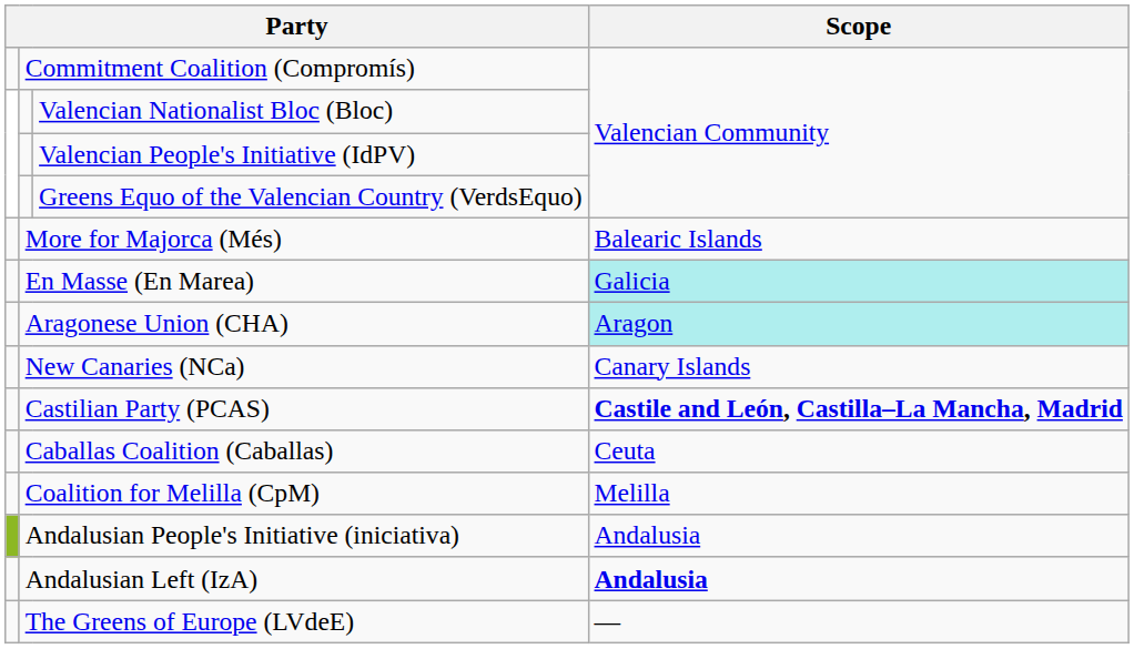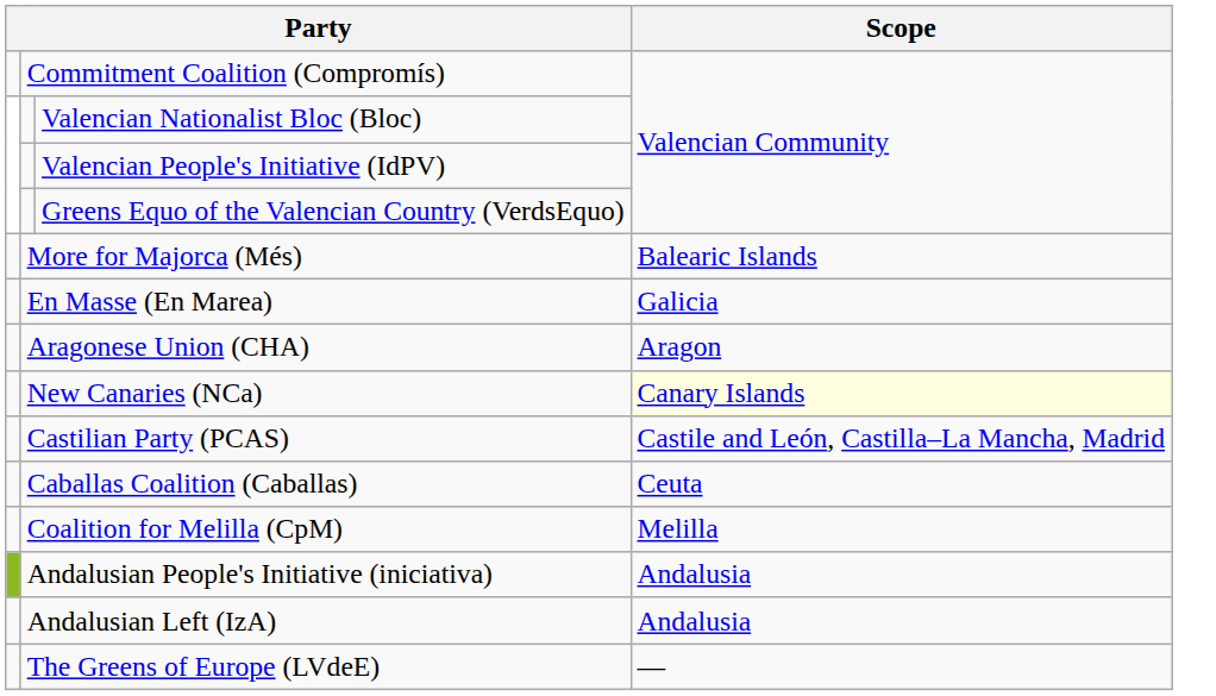 <table class="wikitable" style="text-align:left; font-size:97%;">
 <tr>
 <th colspan="3">Party</th>
 <th>Scope</th>
 </tr>
 <tr>
 <td width="1"></td>
 <td colspan="2"><a href='#'>Commitment Coalition</a> (Compromís)</td>
 <td rowspan="4"><a href='#'>Valencian Community</a></td>
 </tr>
 <tr>
 <td rowspan="3" bgcolor="white"></td>
 <td width="1"></td>
 <td><a href='#'>Valencian Nationalist Bloc</a> (Bloc)</td>
 </tr>
 <tr>
 <td></td>
 <td><a href='#'>Valencian People's Initiative</a> (IdPV)</td>
 </tr>
 <tr>
 <td></td>
 <td><a href='#'>Greens Equo of the Valencian Country</a> (VerdsEquo)</td>
 </tr>
 <tr>
 <td></td>
 <td colspan="2"><a href='#'>More for Majorca</a> (Més)</td>
 <td><a href='#'>Balearic Islands</a></td>
 </tr>
 <tr>
 <td></td>
 <td colspan="2"><a href='#'>En Masse</a> (En Marea)</td>
-<td style="background: paleturquoise;"><a href='#'>Galicia</a></td>
+<td><a href='#'>Galicia</a></td>
 </tr>
 <tr>
 <td></td>
 <td colspan="2"><a href='#'>Aragonese Union</a> (CHA)</td>
-<td style="background: paleturquoise;"><a href='#'>Aragon</a></td>
+<td><a href='#'>Aragon</a></td>
 </tr>
 <tr>
 <td></td>
 <td colspan="2"><a href='#'>New Canaries</a> (NCa)</td>
-<td><a href='#'>Canary Islands</a></td>
+<td style="background: lightyellow;"><a href='#'>Canary Islands</a></td>
 </tr>
 <tr>
 <td></td>
 <td colspan="2"><a href='#'>Castilian Party</a> (PCAS)</td>
-<td><strong><a href='#'>Castile and León</a>, <a href='#'>Castilla–La Mancha</a>, <a href='#'>Madrid</a></strong></td>
+<td><a href='#'>Castile and León</a>, <a href='#'>Castilla–La Mancha</a>, <a href='#'>Madrid</a></td>
 </tr>
 <tr>
 <td></td>
 <td colspan="2"><a href='#'>Caballas Coalition</a> (Caballas)</td>
 <td><a href='#'>Ceuta</a></td>
 </tr>
 <tr>
 <td></td>
 <td colspan="2"><a href='#'>Coalition for Melilla</a> (CpM)</td>
 <td><a href='#'>Melilla</a></td>
 </tr>
 <tr>
 <td bgcolor="#8CB823"></td>
 <td colspan="2">Andalusian People's Initiative (iniciativa)</td>
 <td><a href='#'>Andalusia</a></td>
 </tr>
 <tr>
 <td></td>
 <td colspan="2">Andalusian Left (IzA)</td>
-<td><strong><a href='#'>Andalusia</a></strong></td>
+<td><a href='#'>Andalusia</a></td>
 </tr>
 <tr>
 <td></td>
 <td colspan="2"><a href='#'>The Greens of Europe</a> (LVdeE)</td>
 <td>—</td>
 </tr>
 </table>
